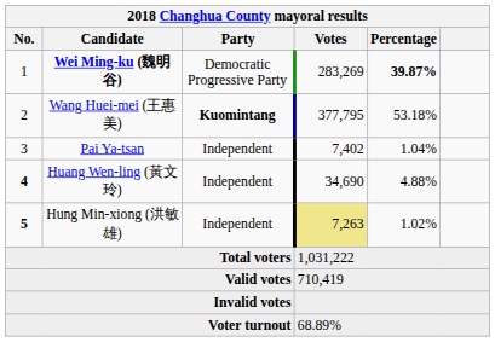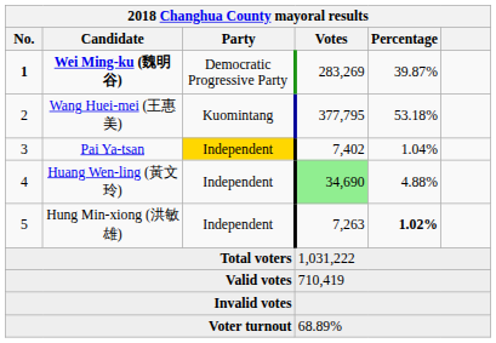 <table class="wikitable collapsible" style="text-align:center">
 <tr>
 <th colspan="6">2018 <a href='#'>Changhua County</a> mayoral results</th>
 </tr>
 <tr>
 <th width=35>No.</th>
 <th width=150>Candidate</th>
 <th width=120>Party</th>
 <th width=75>Votes</th>
 <th width=75>Percentage</th>
 <th width=49></th>
 </tr>
 <tr>
-<td>1</td>
+<td><strong>1</strong></td>
 <td><strong><a href='#'>Wei Ming-ku</a> (魏明谷)</strong></td>
 <td> Democratic Progressive Party</td>
 <td style="border-left:4px solid #1B9413;" align="right">283,269</td>
-<td align="right"><strong>39.87%</strong></td>
+<td align="right">39.87%</td>
 <td align="center"></td>
 </tr>
 <tr>
 <td>2</td>
 <td><a href='#'>Wang Huei-mei</a> (王惠美)</td>
-<td><strong> Kuomintang</strong></td>
+<td> Kuomintang</td>
 <td style="border-left:4px solid #000099;" align="right">377,795</td>
 <td align="right">53.18%</td>
 <td align="center"></td>
 </tr>
 <tr>
 <td>3</td>
 <td><a href='#'>Pai Ya-tsan</a></td>
-<td> Independent</td>
+<td style="background: gold;"> Independent</td>
 <td style="border-left:4px solid #000000;" align="right">7,402</td>
 <td align="right">1.04%</td>
 <td align="center"></td>
 </tr>
 <tr>
-<td><strong>4</strong></td>
+<td>4</td>
 <td><a href='#'>Huang Wen-ling</a> (黃文玲)</td>
 <td> Independent</td>
-<td style="border-left:4px solid #000000;" align="right">34,690</td>
+<td style="background: lightgreen; border-left:4px solid #000000;" align="right">34,690</td>
 <td align="right">4.88%</td>
 <td align="center"></td>
 </tr>
 <tr>
-<td><strong>5</strong></td>
+<td>5</td>
 <td>Hung Min-xiong (洪敏雄)</td>
 <td> Independent</td>
-<td style="background: khaki; border-left:4px solid #000000;" align="right">7,263</td>
-<td align="right">1.02%</td>
+<td style="border-left:4px solid #000000;" align="right">7,263</td>
+<td align="right"><strong>1.02%</strong></td>
 <td align="center"></td>
 </tr>
 <tr bgcolor=EEEEEE>
 <td colspan="3" align="right"><strong>Total voters</strong></td>
 <td colspan="3" align="left">1,031,222</td>
 </tr>
 <tr bgcolor=EEEEEE>
 <td colspan="3" align="right"><strong>Valid votes</strong></td>
 <td colspan="3" align="left">710,419</td>
 </tr>
 <tr bgcolor=EEEEEE>
 <td colspan="3" align="right"><strong>Invalid votes</strong></td>
 <td colspan="3" align="left"></td>
 </tr>
 <tr bgcolor=EEEEEE>
 <td colspan="3" align="right"><strong>Voter turnout</strong></td>
 <td colspan="3" align="left">68.89%</td>
 </tr>
 </table>
